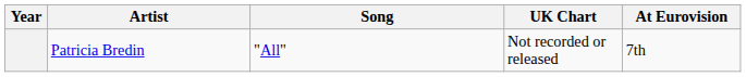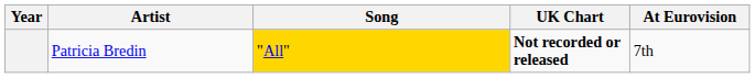 <table class="wikitable sortable plainrowheaders" style="width:86%;">
 <tr>
 <th style="width:4%;">Year</th>
 <th style="width:24%;">Artist</th>
 <th style="width:30%;">Song</th>
 <th style="width:14%;">UK Chart</th>
 <th style="width:14%;">At Eurovision</th>
 </tr>
 <tr>
 <th scope="row"></th>
 <td><a href='#'>Patricia Bredin</a></td>
-<td>"<a href='#'>All</a>"</td>
-<td>Not recorded or released</td>
+<td style="background: gold;">"<a href='#'>All</a>"</td>
+<td><strong>Not recorded or released</strong></td>
 <td>7th</td>
 </tr>
 </table>
